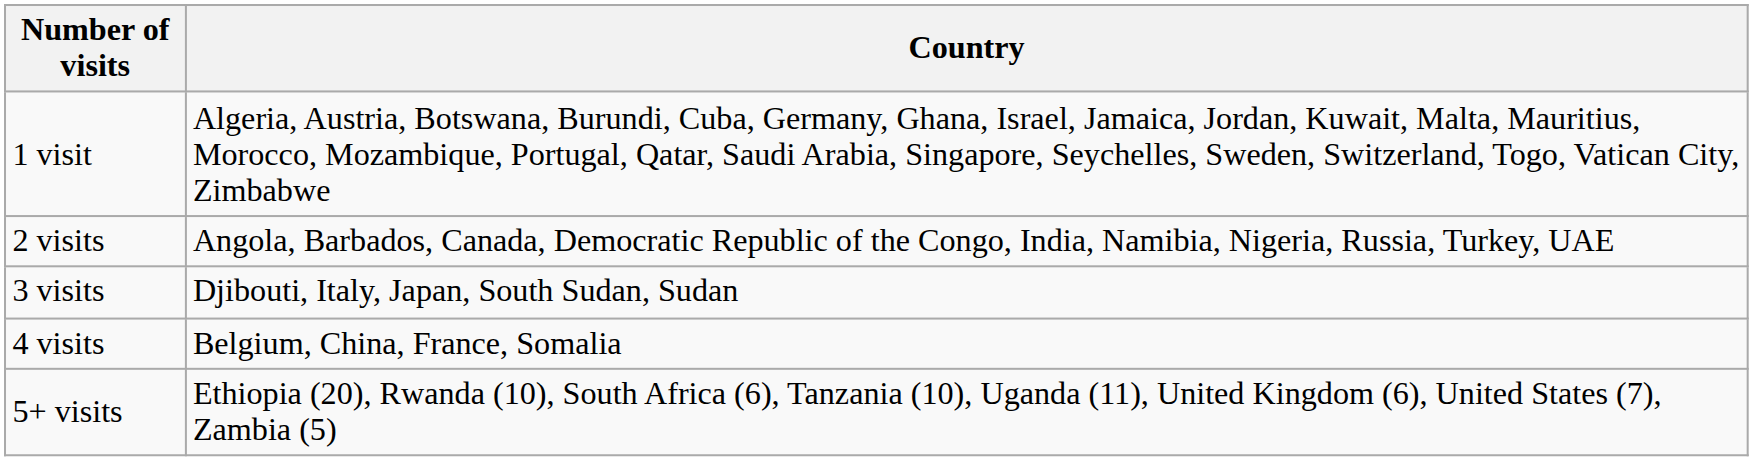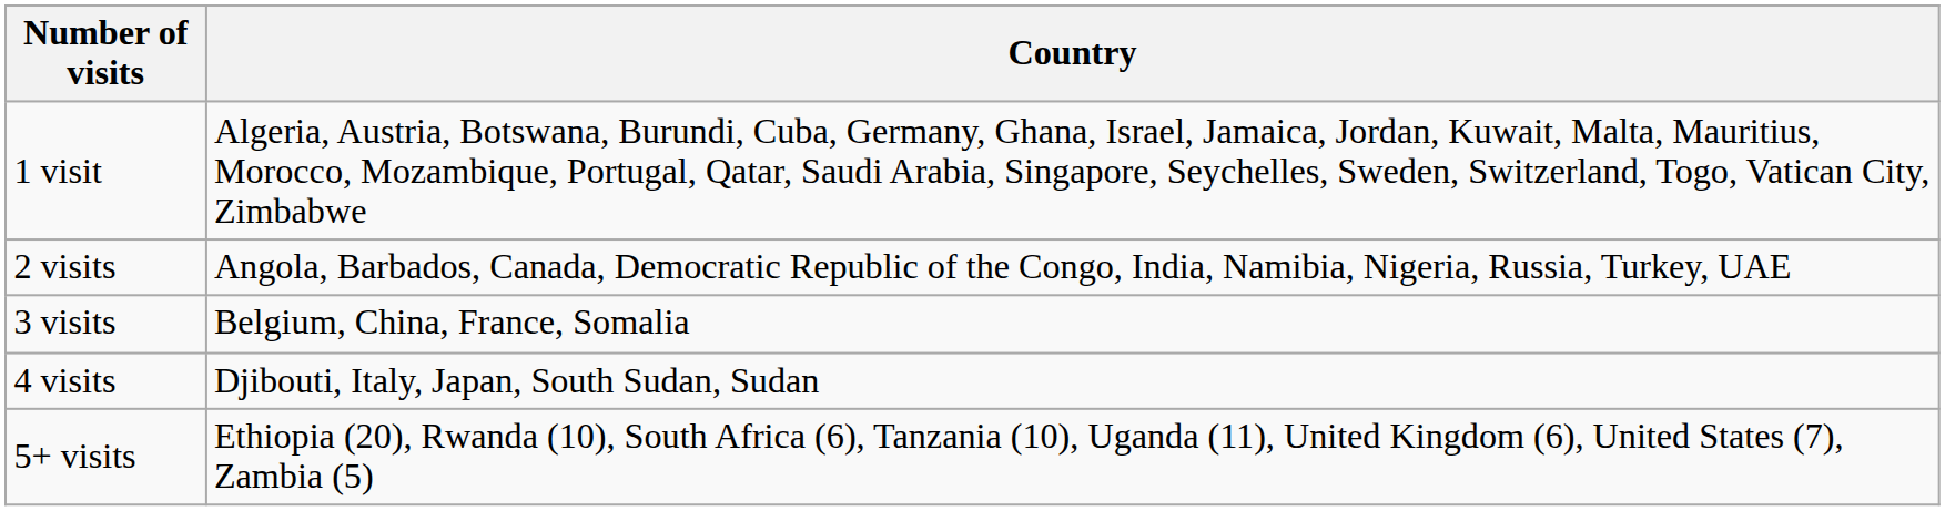 <table class=wikitable>
 <tr>
 <th>Number of visits</th>
 <th>Country</th>
 </tr>
 <tr>
 <td>1 visit</td>
 <td>Algeria, Austria, Botswana, Burundi, Cuba, Germany, Ghana, Israel, Jamaica, Jordan, Kuwait, Malta, Mauritius, Morocco, Mozambique, Portugal, Qatar, Saudi Arabia, Singapore, Seychelles, Sweden, Switzerland, Togo, Vatican City, Zimbabwe</td>
 </tr>
 <tr>
 <td>2 visits</td>
 <td>Angola, Barbados, Canada, Democratic Republic of the Congo, India, Namibia, Nigeria, Russia, Turkey, UAE</td>
 </tr>
 <tr>
 <td>3 visits</td>
-<td>Djibouti, Italy, Japan, South Sudan, Sudan</td>
+<td>Belgium, China, France, Somalia</td>
 </tr>
 <tr>
 <td>4 visits</td>
-<td>Belgium, China, France, Somalia</td>
+<td>Djibouti, Italy, Japan, South Sudan, Sudan</td>
 </tr>
 <tr>
 <td>5+ visits</td>
 <td>Ethiopia (20), Rwanda (10), South Africa (6), Tanzania (10), Uganda (11), United Kingdom (6), United States (7), Zambia (5)</td>
 </tr>
 </table>
